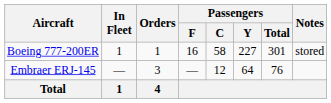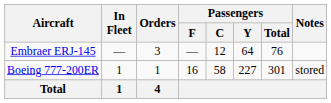 <table class="wikitable" style="margin:1em auto; text-align:center;">
 <tr>
 <th rowspan="2">Aircraft</th>
 <th rowspan="2" style="width:30pt;">In Fleet</th>
 <th rowspan="2" style="width:30pt;">Orders</th>
 <th colspan="4">Passengers</th>
 <th rowspan="2">Notes</th>
 </tr>
 <tr>
 <th style="width:30px;"><abbr>F</abbr></th>
 <th style="width:30px;"><abbr>C</abbr></th>
 <th style="width:30px;"><abbr>Y</abbr></th>
 <th style="width:30px;">Total</th>
 </tr>
 <tr>
+<td><a href='#'>Embraer ERJ-145</a></td>
+<td>—</td>
+<td>3</td>
+<td>—</td>
+<td>12</td>
+<td>64</td>
+<td>76</td>
+<td></td>
+</tr>
+<tr>
 <td><a href='#'>Boeing 777-200ER</a></td>
 <td>1</td>
 <td>1</td>
 <td>16</td>
 <td>58</td>
 <td>227</td>
 <td>301</td>
 <td>stored</td>
 </tr>
 <tr>
-<td><a href='#'>Embraer ERJ-145</a></td>
-<td>—</td>
-<td>3</td>
-<td>—</td>
-<td>12</td>
-<td>64</td>
-<td>76</td>
-<td></td>
-</tr>
-<tr>
 <th>Total</th>
 <th>1</th>
 <th>4</th>
 <th colspan="5"></th>
 </tr>
 </table>
